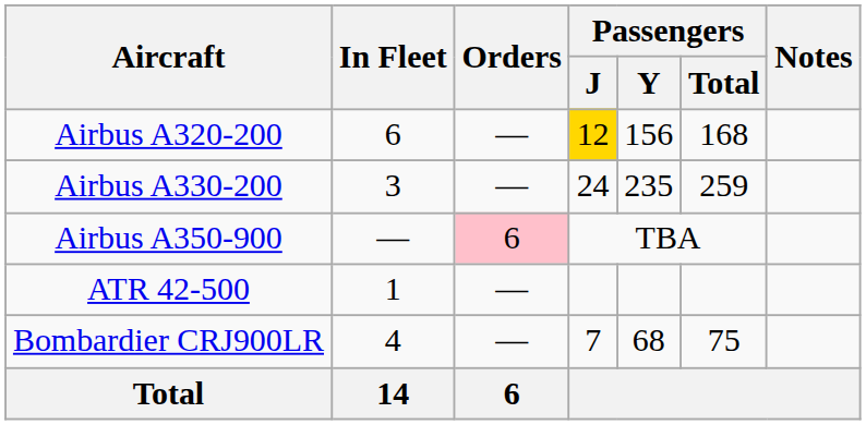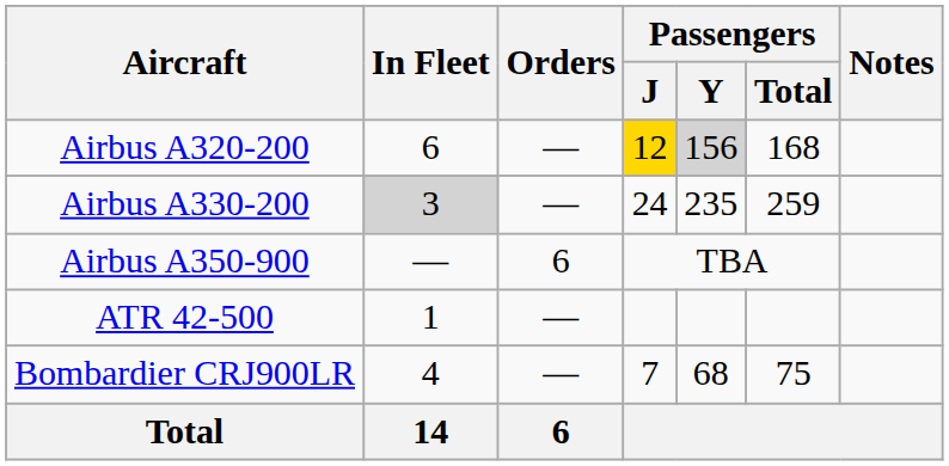 <table class="wikitable" style="margin-left:auto; margin-right:auto; border-collapse:collapse; text-align:center">
 <tr>
 <th rowspan=2>Aircraft</th>
 <th rowspan=2>In Fleet</th>
 <th rowspan=2>Orders</th>
 <th colspan=3>Passengers</th>
 <th rowspan=2>Notes</th>
 </tr>
 <tr>
 <th><abbr> J</abbr></th>
 <th><abbr> Y</abbr></th>
 <th>Total</th>
 </tr>
 <tr>
 <td><a href='#'>Airbus A320-200</a></td>
 <td>6</td>
 <td>—</td>
 <td style="background: gold;">12</td>
-<td>156</td>
+<td style="background: lightgrey;">156</td>
 <td>168</td>
 <td></td>
 </tr>
 <tr>
 <td><a href='#'>Airbus A330-200</a></td>
-<td>3</td>
+<td style="background: lightgrey;">3</td>
 <td>—</td>
 <td>24</td>
 <td>235</td>
 <td>259</td>
 <td></td>
 </tr>
 <tr>
 <td><a href='#'>Airbus A350-900</a></td>
 <td>—</td>
-<td style="background: pink;">6</td>
+<td>6</td>
 <td colspan=3><abbr>TBA</abbr></td>
 <td></td>
 </tr>
 <tr>
 <td><a href='#'>ATR 42-500</a></td>
 <td>1</td>
 <td>—</td>
 <td></td>
 <td></td>
 <td></td>
 <td></td>
 </tr>
 <tr>
 <td><a href='#'>Bombardier CRJ900LR</a></td>
 <td>4</td>
 <td>—</td>
 <td>7</td>
 <td>68</td>
 <td>75</td>
 <td></td>
 </tr>
 <tr>
 <th>Total</th>
 <th>14</th>
 <th>6</th>
 <th colspan=4></th>
 </tr>
 </table>
